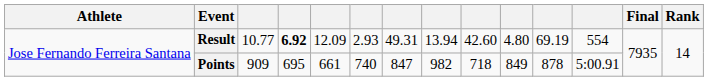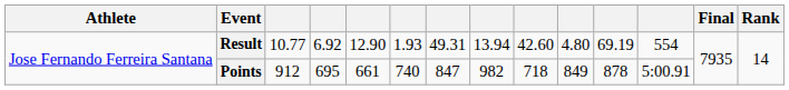 <table class="wikitable" style="font-size:90%">
 <tr>
 <th>Athlete</th>
 <th>Event</th>
 <th></th>
 <th></th>
 <th></th>
 <th></th>
 <th></th>
 <th></th>
 <th></th>
 <th></th>
 <th></th>
 <th></th>
 <th>Final</th>
 <th>Rank</th>
 </tr>
 <tr align="center">
 <td rowspan="2" style="text-align:left"><a href='#'>Jose Fernando Ferreira Santana</a></td>
 <th style="font-size:95%">Result</th>
 <td>10.77</td>
-<td><strong>6.92</strong></td>
-<td>12.09</td>
-<td>2.93</td>
+<td>6.92</td>
+<td>12.90</td>
+<td>1.93</td>
 <td>49.31</td>
 <td>13.94 </td>
 <td>42.60</td>
 <td>4.80</td>
 <td>69.19</td>
 <td>554</td>
 <td rowspan="2">7935</td>
 <td rowspan="2">14</td>
 </tr>
 <tr align="center">
 <th style="font-size:95%">Points</th>
-<td>909</td>
+<td>912</td>
 <td>695</td>
 <td>661</td>
 <td>740</td>
 <td>847</td>
 <td>982</td>
 <td>718</td>
 <td>849</td>
 <td>878</td>
 <td>5:00.91</td>
 </tr>
 </table>
